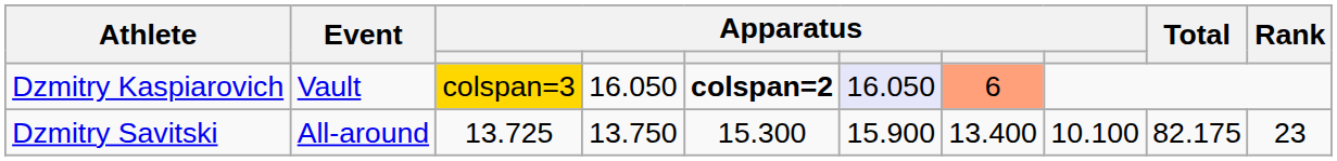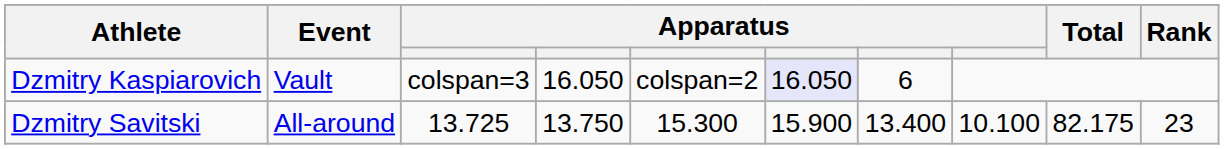 <table class="wikitable" style="font-size:90%">
 <tr>
 <th rowspan=2>Athlete</th>
 <th rowspan=2>Event</th>
 <th colspan =6>Apparatus</th>
 <th rowspan=2>Total</th>
 <th rowspan=2>Rank</th>
 </tr>
 <tr style="font-size:95%">
 <th></th>
 <th></th>
 <th></th>
 <th></th>
 <th></th>
 <th></th>
 </tr>
 <tr align=center>
 <td align=left><a href='#'>Dzmitry Kaspiarovich</a></td>
 <td align=left><a href='#'>Vault</a></td>
-<td style="background: gold;">colspan=3 </td>
+<td>colspan=3 </td>
 <td>16.050</td>
-<td><strong>colspan=2 </strong></td>
+<td>colspan=2 </td>
 <td style="background: lavender;">16.050</td>
-<td style="background: lightsalmon;">6</td>
+<td>6</td>
 </tr>
 <tr align=center>
 <td align=left><a href='#'>Dzmitry Savitski</a></td>
 <td align=left><a href='#'>All-around</a></td>
 <td>13.725</td>
 <td>13.750</td>
 <td>15.300</td>
 <td>15.900</td>
 <td>13.400</td>
 <td>10.100</td>
 <td>82.175</td>
 <td>23</td>
 </tr>
 </table>
